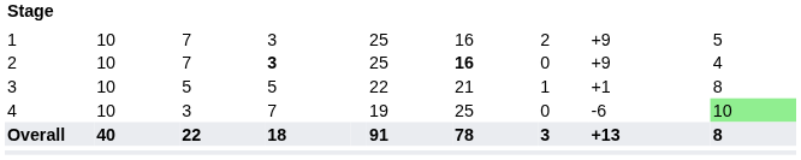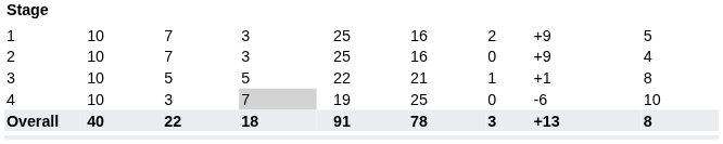 <table class="toccolours" border=0 cellpadding="2" cellspacing="0" style="font-size:95%; text-align:left; width:700px;">
 <tr align="left" style="background:#">
 <th style="width:75px">Stage</th>
 <th></th>
 <th></th>
 <th></th>
 <th></th>
 <th></th>
 <th></th>
 <th></th>
 <th></th>
 <th></th>
 </tr>
 <tr>
 <td colspan = "10"></td>
 </tr>
 <tr>
 <td>1</td>
 <td>10</td>
 <td>7</td>
 <td>3</td>
 <td></td>
 <td>25</td>
 <td>16</td>
 <td>2</td>
 <td>+9</td>
 <td>5</td>
 </tr>
 <tr>
 <td>2</td>
 <td>10</td>
 <td>7</td>
-<td><strong>3</strong></td>
+<td>3</td>
 <td></td>
 <td>25</td>
-<td><strong>16</strong></td>
+<td>16</td>
 <td>0</td>
 <td>+9</td>
 <td>4</td>
 </tr>
 <tr>
 <td>3</td>
 <td>10</td>
 <td>5</td>
 <td>5</td>
 <td></td>
 <td>22</td>
 <td>21</td>
 <td>1</td>
 <td>+1</td>
 <td>8</td>
 </tr>
 <tr>
 <td>4</td>
 <td>10</td>
 <td>3</td>
-<td>7</td>
+<td style="background: lightgrey;">7</td>
 <td></td>
 <td>19</td>
 <td>25</td>
 <td>0</td>
 <td>-6</td>
-<td style="background: lightgreen;">10</td>
+<td>10</td>
 </tr>
 <tr style="background:#EAECF0;">
 <th>Overall</th>
 <th>40</th>
 <th>22</th>
 <th>18</th>
 <th></th>
 <th>91</th>
 <th>78</th>
 <th>3</th>
 <th>+13</th>
 <th>8</th>
 </tr>
 <tr>
 <td colspan="10"></td>
 </tr>
 <tr style="background:#EAECF0;">
 <td colspan="10" style="text-align:center;"></td>
 </tr>
 </table>
